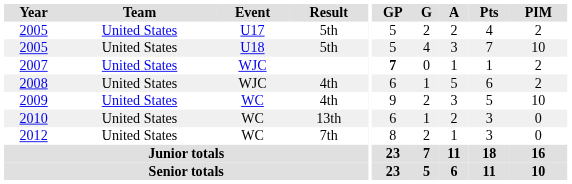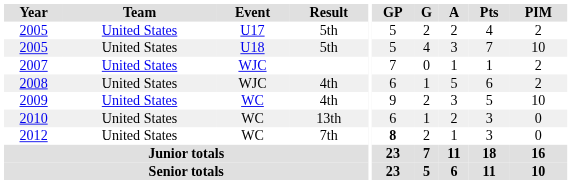 <table border="0" cellpadding="1" cellspacing="0" ID="Table3" style="text-align:center; width:40em;">
 <tr bgcolor="#e0e0e0">
 <th>Year</th>
 <th>Team</th>
 <th>Event</th>
 <th>Result</th>
 <th rowspan="99" bgcolor="#ffffff"></th>
 <th>GP</th>
 <th>G</th>
 <th>A</th>
 <th>Pts</th>
 <th>PIM</th>
 </tr>
 <tr>
 <td><a href='#'>2005</a></td>
 <td><a href='#'>United States</a></td>
 <td><a href='#'>U17</a></td>
 <td>5th</td>
 <td>5</td>
 <td>2</td>
 <td>2</td>
 <td>4</td>
 <td>2</td>
 </tr>
 <tr bgcolor="#f0f0f0">
 <td><a href='#'>2005</a></td>
 <td>United States</td>
 <td><a href='#'>U18</a></td>
 <td>5th</td>
 <td>5</td>
 <td>4</td>
 <td>3</td>
 <td>7</td>
 <td>10</td>
 </tr>
 <tr>
 <td><a href='#'>2007</a></td>
 <td><a href='#'>United States</a></td>
 <td><a href='#'>WJC</a></td>
 <td></td>
-<td><strong>7</strong></td>
+<td>7</td>
 <td>0</td>
 <td>1</td>
 <td>1</td>
 <td>2</td>
 </tr>
 <tr bgcolor="#f0f0f0">
 <td><a href='#'>2008</a></td>
 <td>United States</td>
 <td>WJC</td>
 <td>4th</td>
 <td>6</td>
 <td>1</td>
 <td>5</td>
 <td>6</td>
 <td>2</td>
 </tr>
 <tr>
 <td><a href='#'>2009</a></td>
 <td><a href='#'>United States</a></td>
 <td><a href='#'>WC</a></td>
 <td>4th</td>
 <td>9</td>
 <td>2</td>
 <td>3</td>
 <td>5</td>
 <td>10</td>
 </tr>
 <tr bgcolor="#f0f0f0">
 <td><a href='#'>2010</a></td>
 <td>United States</td>
 <td>WC</td>
 <td>13th</td>
 <td>6</td>
 <td>1</td>
 <td>2</td>
 <td>3</td>
 <td>0</td>
 </tr>
 <tr>
 <td><a href='#'>2012</a></td>
 <td>United States</td>
 <td>WC</td>
 <td>7th</td>
-<td>8</td>
+<td><strong>8</strong></td>
 <td>2</td>
 <td>1</td>
 <td>3</td>
 <td>0</td>
 </tr>
 <tr bgcolor="#e0e0e0">
 <th colspan="4">Junior totals</th>
 <th>23</th>
 <th>7</th>
 <th>11</th>
 <th>18</th>
 <th>16</th>
 </tr>
 <tr bgcolor="#e0e0e0">
 <th colspan="4">Senior totals</th>
 <th>23</th>
 <th>5</th>
 <th>6</th>
 <th>11</th>
 <th>10</th>
 </tr>
 </table>
